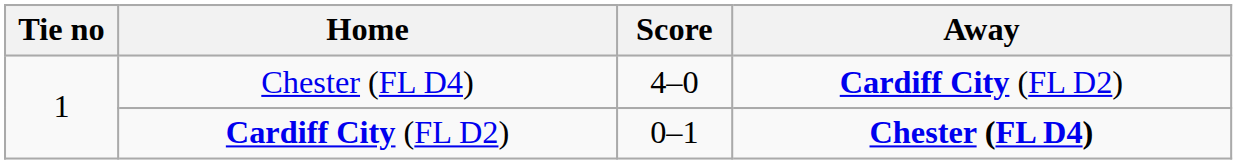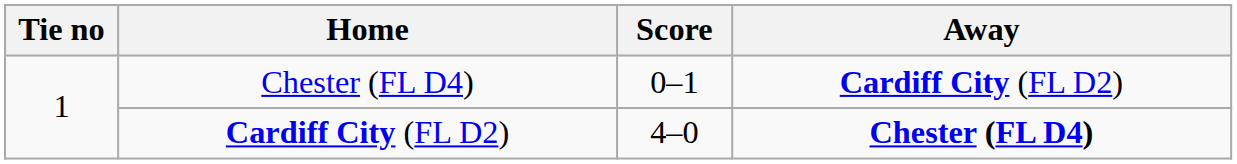 <table class="wikitable" style="text-align:center">
 <tr>
 <th width=50>Tie no</th>
 <th width=250>Home</th>
 <th width=50>Score</th>
 <th width=250>Away</th>
 </tr>
 <tr>
 <td rowspan=2>1</td>
 <td><a href='#'>Chester</a> (<a href='#'>FL D4</a>)</td>
-<td>4–0</td>
+<td>0–1</td>
 <td><strong><a href='#'>Cardiff City</a></strong> (<a href='#'>FL D2</a>)</td>
 </tr>
 <tr>
 <td><strong><a href='#'>Cardiff City</a></strong> (<a href='#'>FL D2</a>)</td>
-<td>0–1</td>
+<td>4–0</td>
 <td><strong><a href='#'>Chester</a> (<a href='#'>FL D4</a>)</strong></td>
 </tr>
 </table>
